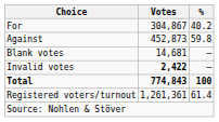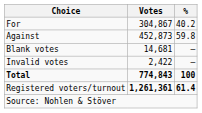 <table class=wikitable style=text-align:right>
 <tr>
 <th>Choice</th>
 <th>Votes</th>
 <th>%</th>
 </tr>
 <tr>
 <td align=left>For</td>
 <td>304,867</td>
 <td>40.2</td>
 </tr>
 <tr>
 <td align=left>Against</td>
 <td>452,873</td>
 <td>59.8</td>
 </tr>
 <tr>
 <td align=left>Blank votes</td>
 <td>14,681</td>
 <td>–</td>
 </tr>
 <tr>
 <td align=left>Invalid votes</td>
-<td><strong>2,422</strong></td>
+<td>2,422</td>
 <td>–</td>
 </tr>
 <tr>
 <td align=left><strong>Total</strong></td>
 <td><strong>774,843</strong></td>
 <td><strong>100</strong></td>
 </tr>
 <tr>
 <td align=left>Registered voters/turnout</td>
-<td>1,261,361</td>
-<td>61.4</td>
+<td><strong>1,261,361</strong></td>
+<td><strong>61.4</strong></td>
 </tr>
 <tr>
 <td align=left colspan=6>Source: Nohlen & Stöver</td>
 </tr>
 </table>
